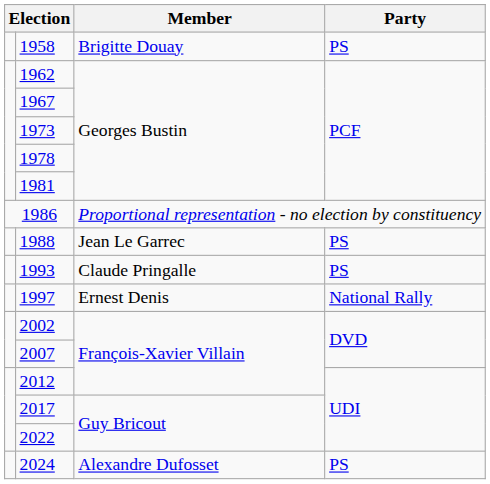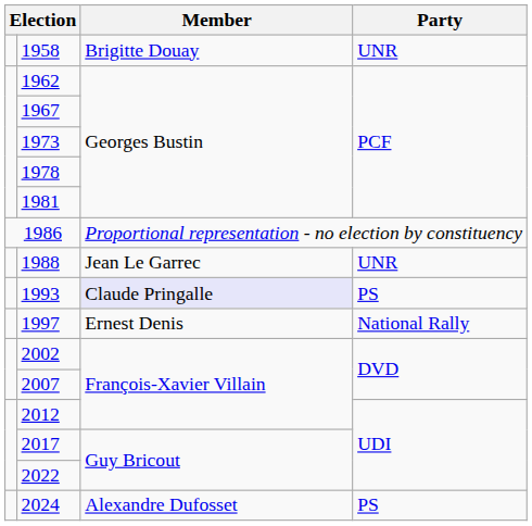 <table class="wikitable">
 <tr>
 <th colspan="2">Election</th>
 <th>Member</th>
 <th>Party</th>
 </tr>
 <tr>
 <td style="color:inherit;background-color: "></td>
 <td><a href='#'>1958</a></td>
 <td><a href='#'>Brigitte Douay</a></td>
-<td><a href='#'>PS</a></td>
+<td><a href='#'>UNR</a></td>
 </tr>
 <tr>
 <td rowspan="5" style="background-color: "></td>
 <td><a href='#'>1962</a></td>
 <td rowspan="5">Georges Bustin</td>
 <td rowspan="5"><a href='#'>PCF</a></td>
 </tr>
 <tr>
 <td><a href='#'>1967</a></td>
 </tr>
 <tr>
 <td><a href='#'>1973</a></td>
 </tr>
 <tr>
 <td><a href='#'>1978</a></td>
 </tr>
 <tr>
 <td><a href='#'>1981</a></td>
 </tr>
 <tr>
 <td colspan="2" align="center"><a href='#'>1986</a></td>
 <td colspan="2"><em><a href='#'>Proportional representation</a> - no election by constituency</em></td>
 </tr>
 <tr>
 <td style="color:inherit;background-color: "></td>
 <td><a href='#'>1988</a></td>
 <td>Jean Le Garrec</td>
-<td><a href='#'>PS</a></td>
+<td><a href='#'>UNR</a></td>
 </tr>
 <tr>
 <td style="color:inherit;background-color: "></td>
 <td><a href='#'>1993</a></td>
-<td>Claude Pringalle</td>
+<td style="background: lavender;">Claude Pringalle</td>
 <td><a href='#'>PS</a></td>
 </tr>
 <tr>
 <td style="color:inherit;background-color: "></td>
 <td><a href='#'>1997</a></td>
 <td>Ernest Denis</td>
 <td><a href='#'>National Rally</a></td>
 </tr>
 <tr>
 <td rowspan="2" style="background-color: "></td>
 <td><a href='#'>2002</a></td>
 <td rowspan="3"><a href='#'>François-Xavier Villain</a></td>
 <td rowspan="2"><a href='#'>DVD</a></td>
 </tr>
 <tr>
 <td><a href='#'>2007</a></td>
 </tr>
 <tr>
 <td rowspan="3" style="background-color: "></td>
 <td><a href='#'>2012</a></td>
 <td rowspan="3"><a href='#'>UDI</a></td>
 </tr>
 <tr>
 <td><a href='#'>2017</a></td>
 <td rowspan="2"><a href='#'>Guy Bricout</a></td>
 </tr>
 <tr>
 <td><a href='#'>2022</a></td>
 </tr>
 <tr>
 <td style="background-color: "></td>
 <td><a href='#'>2024</a></td>
 <td><a href='#'>Alexandre Dufosset</a></td>
 <td><a href='#'>PS</a></td>
 </tr>
 </table>
